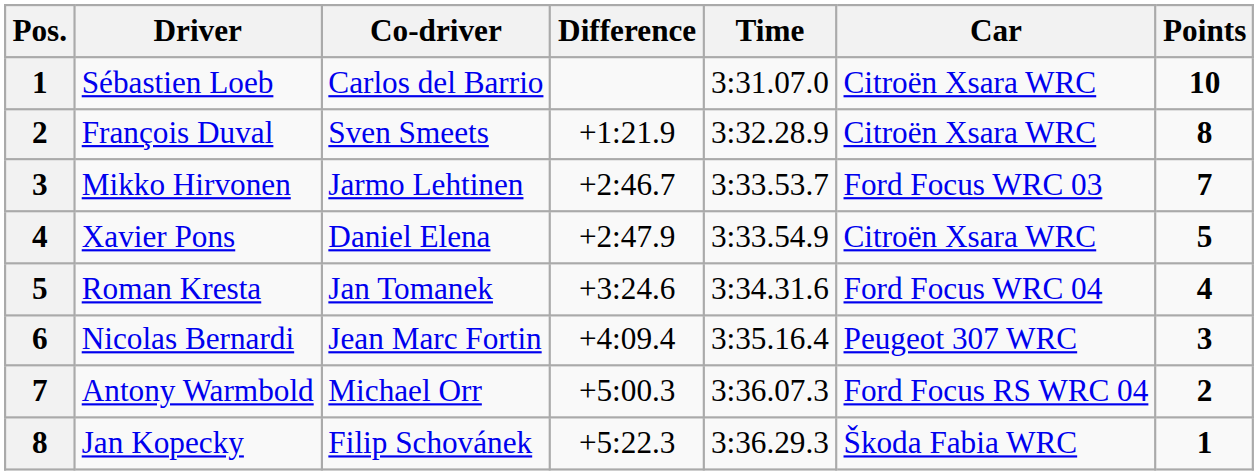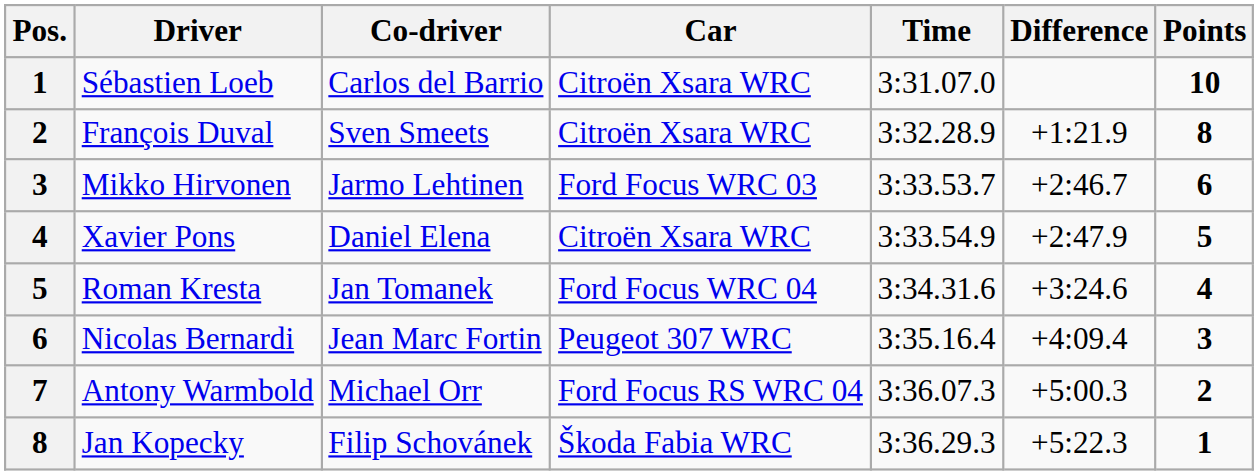 <table class="wikitable" style="text-align: center; font-size:90%;">
 <tr>
 <th>Pos.</th>
 <th>Driver</th>
 <th>Co-driver</th>
+<th>Car</th>
+<th>Time</th>
 <th>Difference</th>
-<th>Time</th>
-<th>Car</th>
 <th>Points</th>
 </tr>
 <tr>
 <th>1</th>
 <td align=left> <a href='#'>Sébastien Loeb</a></td>
 <td align=left> <a href='#'>Carlos del Barrio</a></td>
+<td align=left><a href='#'>Citroën Xsara WRC</a></td>
+<td>3:31.07.0</td>
 <td></td>
-<td>3:31.07.0</td>
-<td align=left><a href='#'>Citroën Xsara WRC</a></td>
 <td><strong>10</strong></td>
 </tr>
 <tr>
 <th>2</th>
 <td align=left>  <a href='#'>François Duval</a></td>
 <td align=left> <a href='#'>Sven Smeets</a></td>
+<td align=left><a href='#'>Citroën Xsara WRC</a></td>
+<td>3:32.28.9</td>
 <td>+1:21.9</td>
-<td>3:32.28.9</td>
-<td align=left><a href='#'>Citroën Xsara WRC</a></td>
 <td><strong>8</strong></td>
 </tr>
 <tr>
 <th>3</th>
 <td align=left> <a href='#'>Mikko Hirvonen</a></td>
 <td align=left> <a href='#'>Jarmo Lehtinen</a></td>
+<td align=left><a href='#'>Ford Focus WRC 03</a></td>
+<td>3:33.53.7</td>
 <td>+2:46.7</td>
-<td>3:33.53.7</td>
-<td align=left><a href='#'>Ford Focus WRC 03</a></td>
-<td><strong>7</strong></td>
+<td><strong>6</strong></td>
 </tr>
 <tr>
 <th>4</th>
 <td align=left> <a href='#'>Xavier Pons</a></td>
 <td align=left> <a href='#'>Daniel Elena</a></td>
+<td align=left><a href='#'>Citroën Xsara WRC</a></td>
+<td>3:33.54.9</td>
 <td>+2:47.9</td>
-<td>3:33.54.9</td>
-<td align=left><a href='#'>Citroën Xsara WRC</a></td>
 <td><strong>5</strong></td>
 </tr>
 <tr>
 <th>5</th>
 <td align=left> <a href='#'>Roman Kresta</a></td>
 <td align=left> <a href='#'>Jan Tomanek</a></td>
+<td align=left><a href='#'>Ford Focus WRC 04</a></td>
+<td>3:34.31.6</td>
 <td>+3:24.6</td>
-<td>3:34.31.6</td>
-<td align=left><a href='#'>Ford Focus WRC 04</a></td>
 <td><strong>4</strong></td>
 </tr>
 <tr>
 <th>6</th>
 <td align=left> <a href='#'>Nicolas Bernardi</a></td>
 <td align=left> <a href='#'>Jean Marc Fortin</a></td>
+<td align=left><a href='#'>Peugeot 307 WRC</a></td>
+<td>3:35.16.4</td>
 <td>+4:09.4</td>
-<td>3:35.16.4</td>
-<td align=left><a href='#'>Peugeot 307 WRC</a></td>
 <td><strong>3</strong></td>
 </tr>
 <tr>
 <th>7</th>
 <td align=left> <a href='#'>Antony Warmbold</a></td>
 <td align=left> <a href='#'>Michael Orr</a></td>
+<td align=left><a href='#'>Ford Focus RS WRC 04</a></td>
+<td>3:36.07.3</td>
 <td>+5:00.3</td>
-<td>3:36.07.3</td>
-<td align=left><a href='#'>Ford Focus RS WRC 04</a></td>
 <td><strong>2</strong></td>
 </tr>
 <tr>
 <th>8</th>
 <td align=left> <a href='#'>Jan Kopecky</a></td>
 <td align=left> <a href='#'>Filip Schovánek</a></td>
+<td align=left><a href='#'>Škoda Fabia WRC</a></td>
+<td>3:36.29.3</td>
 <td>+5:22.3</td>
-<td>3:36.29.3</td>
-<td align=left><a href='#'>Škoda Fabia WRC</a></td>
 <td><strong>1</strong></td>
 </tr>
 </table>
